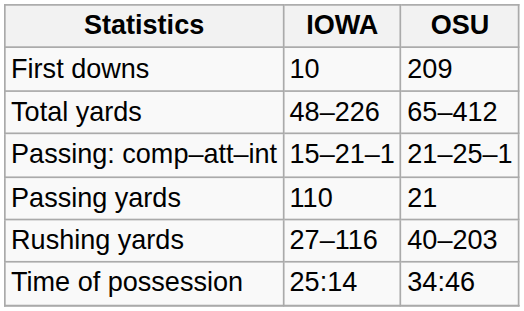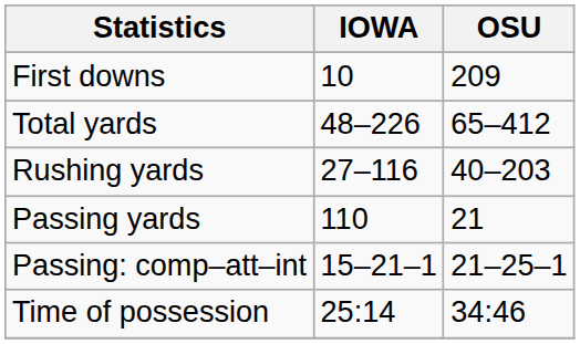 <table class="wikitable" style="float: left;">
 <tr>
 <th>Statistics</th>
 <th>IOWA</th>
 <th>OSU</th>
 </tr>
 <tr>
 <td>First downs</td>
 <td>10</td>
 <td>209</td>
 </tr>
 <tr>
 <td>Total yards</td>
 <td>48–226</td>
 <td>65–412</td>
 </tr>
 <tr>
-<td>Passing: comp–att–int</td>
-<td>15–21–1</td>
-<td>21–25–1</td>
+<td>Rushing yards</td>
+<td>27–116</td>
+<td>40–203</td>
 </tr>
 <tr>
 <td>Passing yards</td>
 <td>110</td>
 <td>21</td>
 </tr>
 <tr>
-<td>Rushing yards</td>
-<td>27–116</td>
-<td>40–203</td>
+<td>Passing: comp–att–int</td>
+<td>15–21–1</td>
+<td>21–25–1</td>
 </tr>
 <tr>
 <td>Time of possession</td>
 <td>25:14</td>
 <td>34:46</td>
 </tr>
 <tr>
 </tr>
 </table>
